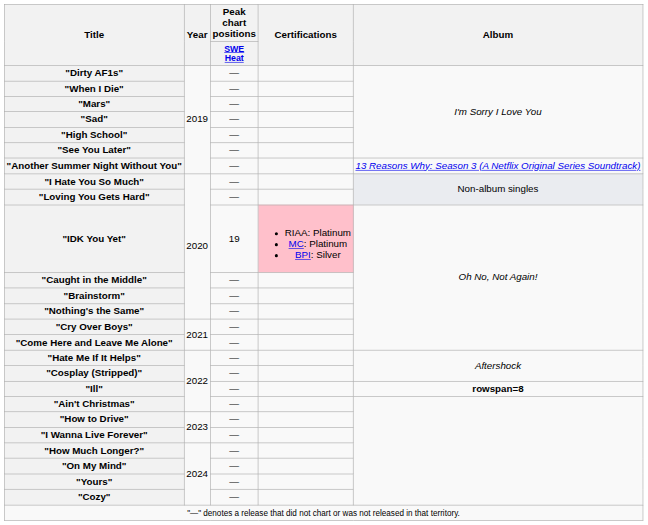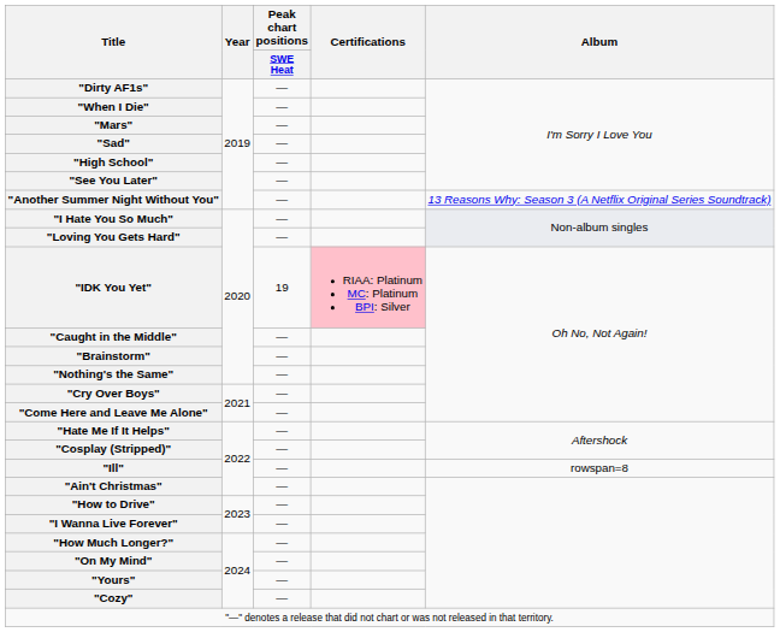 <table class="wikitable plainrowheaders" style="text-align:center;">
 <tr>
 <th rowspan="2" scope="col">Title</th>
 <th rowspan="2" scope="col">Year</th>
 <th>Peak chart positions</th>
 <th rowspan="2">Certifications</th>
 <th rowspan="2" scope="col">Album</th>
 </tr>
 <tr>
 <th scope="col" style="width:2.5em;font-size:90%;"><a href='#'>SWE<br>Heat</a><br></th>
 </tr>
 <tr>
 <th scope="row">"Dirty AF1s"</th>
 <td rowspan="7">2019</td>
 <td>—</td>
 <td></td>
 <td rowspan="6"><em>I'm Sorry I Love You</em></td>
 </tr>
 <tr>
 <th scope="row">"When I Die"</th>
 <td>—</td>
 <td></td>
 </tr>
 <tr>
 <th scope="row">"Mars"</th>
 <td>—</td>
 <td></td>
 </tr>
 <tr>
 <th scope="row">"Sad"</th>
 <td>—</td>
 <td></td>
 </tr>
 <tr>
 <th scope="row">"High School"</th>
 <td>—</td>
 <td></td>
 </tr>
 <tr>
 <th scope="row">"See You Later"</th>
 <td>—</td>
 <td></td>
 </tr>
 <tr>
 <th scope="row">"Another Summer Night Without You"</th>
 <td>—</td>
 <td></td>
 <td><em><a href='#'>13 Reasons Why: Season 3 (A Netflix Original Series Soundtrack)</a></em></td>
 </tr>
 <tr>
 <th scope="row">"I Hate You So Much"</th>
 <td rowspan="6">2020</td>
 <td>—</td>
 <td></td>
 <td rowspan="2" style="background: #EAECF0; text-align:center;">Non-album singles</td>
 </tr>
 <tr>
 <th scope="row">"Loving You Gets Hard"</th>
 <td>—</td>
 <td></td>
 </tr>
 <tr>
 <th scope="row">"IDK You Yet"</th>
 <td>19</td>
 <td style="background: pink;"><br><ul><li>RIAA: Platinum</li><li><a href='#'>MC</a>: Platinum</li><li><a href='#'>BPI</a>: Silver</li></ul></td>
 <td rowspan="6"><em>Oh No, Not Again!</em></td>
 </tr>
 <tr>
 <th scope="row">"Caught in the Middle"</th>
 <td>—</td>
 <td></td>
 </tr>
 <tr>
 <th scope="row">"Brainstorm"</th>
 <td>—</td>
 <td></td>
 </tr>
 <tr>
 <th scope="row">"Nothing's the Same"<br></th>
 <td>—</td>
 <td></td>
 </tr>
 <tr>
 <th scope="row">"Cry Over Boys"</th>
 <td rowspan="2">2021</td>
 <td>—</td>
 <td></td>
 </tr>
 <tr>
 <th scope="row">"Come Here and Leave Me Alone"</th>
 <td>—</td>
 <td></td>
 </tr>
 <tr>
 <th scope="row">"Hate Me If It Helps"</th>
 <td rowspan="4">2022</td>
 <td>—</td>
 <td></td>
 <td rowspan="2"><em>Aftershock</em></td>
 </tr>
 <tr>
 <th scope="row">"Cosplay (Stripped)"</th>
 <td>—</td>
 <td></td>
 </tr>
 <tr>
 <th scope="row">"Ill"<br></th>
 <td>—</td>
 <td></td>
-<td><strong>rowspan=8 </strong></td>
+<td>rowspan=8 </td>
 </tr>
 <tr>
 <th scope="row">"Ain't Christmas"<br> </th>
 <td>—</td>
 <td></td>
 </tr>
 <tr>
 <th scope="row">"How to Drive"</th>
 <td rowspan=2>2023</td>
 <td>—</td>
 <td></td>
 </tr>
 <tr>
 <th scope="row">"I Wanna Live Forever"</th>
 <td>—</td>
 <td></td>
 </tr>
 <tr>
 <th scope="row">"How Much Longer?"</th>
 <td rowspan=4>2024</td>
 <td>—</td>
 <td></td>
 </tr>
 <tr>
 <th scope="row">"On My Mind"<br> </th>
 <td>—</td>
 <td></td>
 </tr>
 <tr>
 <th scope="row">"Yours"</th>
 <td>—</td>
 <td></td>
 </tr>
 <tr>
 <th scope="row">"Cozy"<br></th>
 <td>—</td>
 <td></td>
 </tr>
 <tr>
 <td colspan="5"><small>"—" denotes a release that did not chart or was not released in that territory.</small></td>
 </tr>
 </table>
